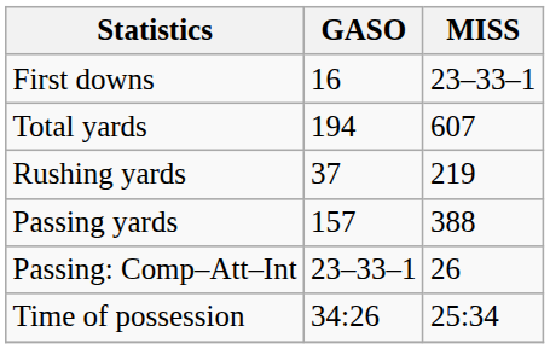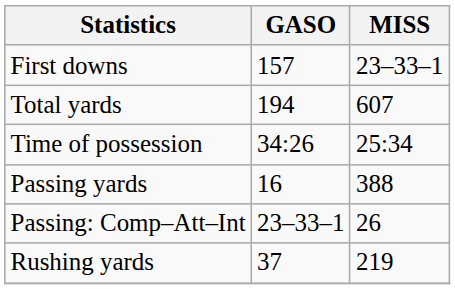 <table class="wikitable" style="float: left;">
 <tr>
 <th>Statistics</th>
 <th>GASO</th>
 <th>MISS</th>
 </tr>
 <tr>
 <td>First downs</td>
-<td>16</td>
+<td>157</td>
 <td>23–33–1</td>
 </tr>
 <tr>
 <td>Total yards</td>
 <td>194</td>
 <td>607</td>
 </tr>
 <tr>
-<td>Rushing yards</td>
-<td>37</td>
-<td>219</td>
+<td>Time of possession</td>
+<td>34:26</td>
+<td>25:34</td>
 </tr>
 <tr>
 <td>Passing yards</td>
-<td>157</td>
+<td>16</td>
 <td>388</td>
 </tr>
 <tr>
 <td>Passing: Comp–Att–Int</td>
 <td>23–33–1</td>
 <td>26</td>
 </tr>
 <tr>
-<td>Time of possession</td>
-<td>34:26</td>
-<td>25:34</td>
+<td>Rushing yards</td>
+<td>37</td>
+<td>219</td>
 </tr>
 <tr>
 </tr>
 </table>
